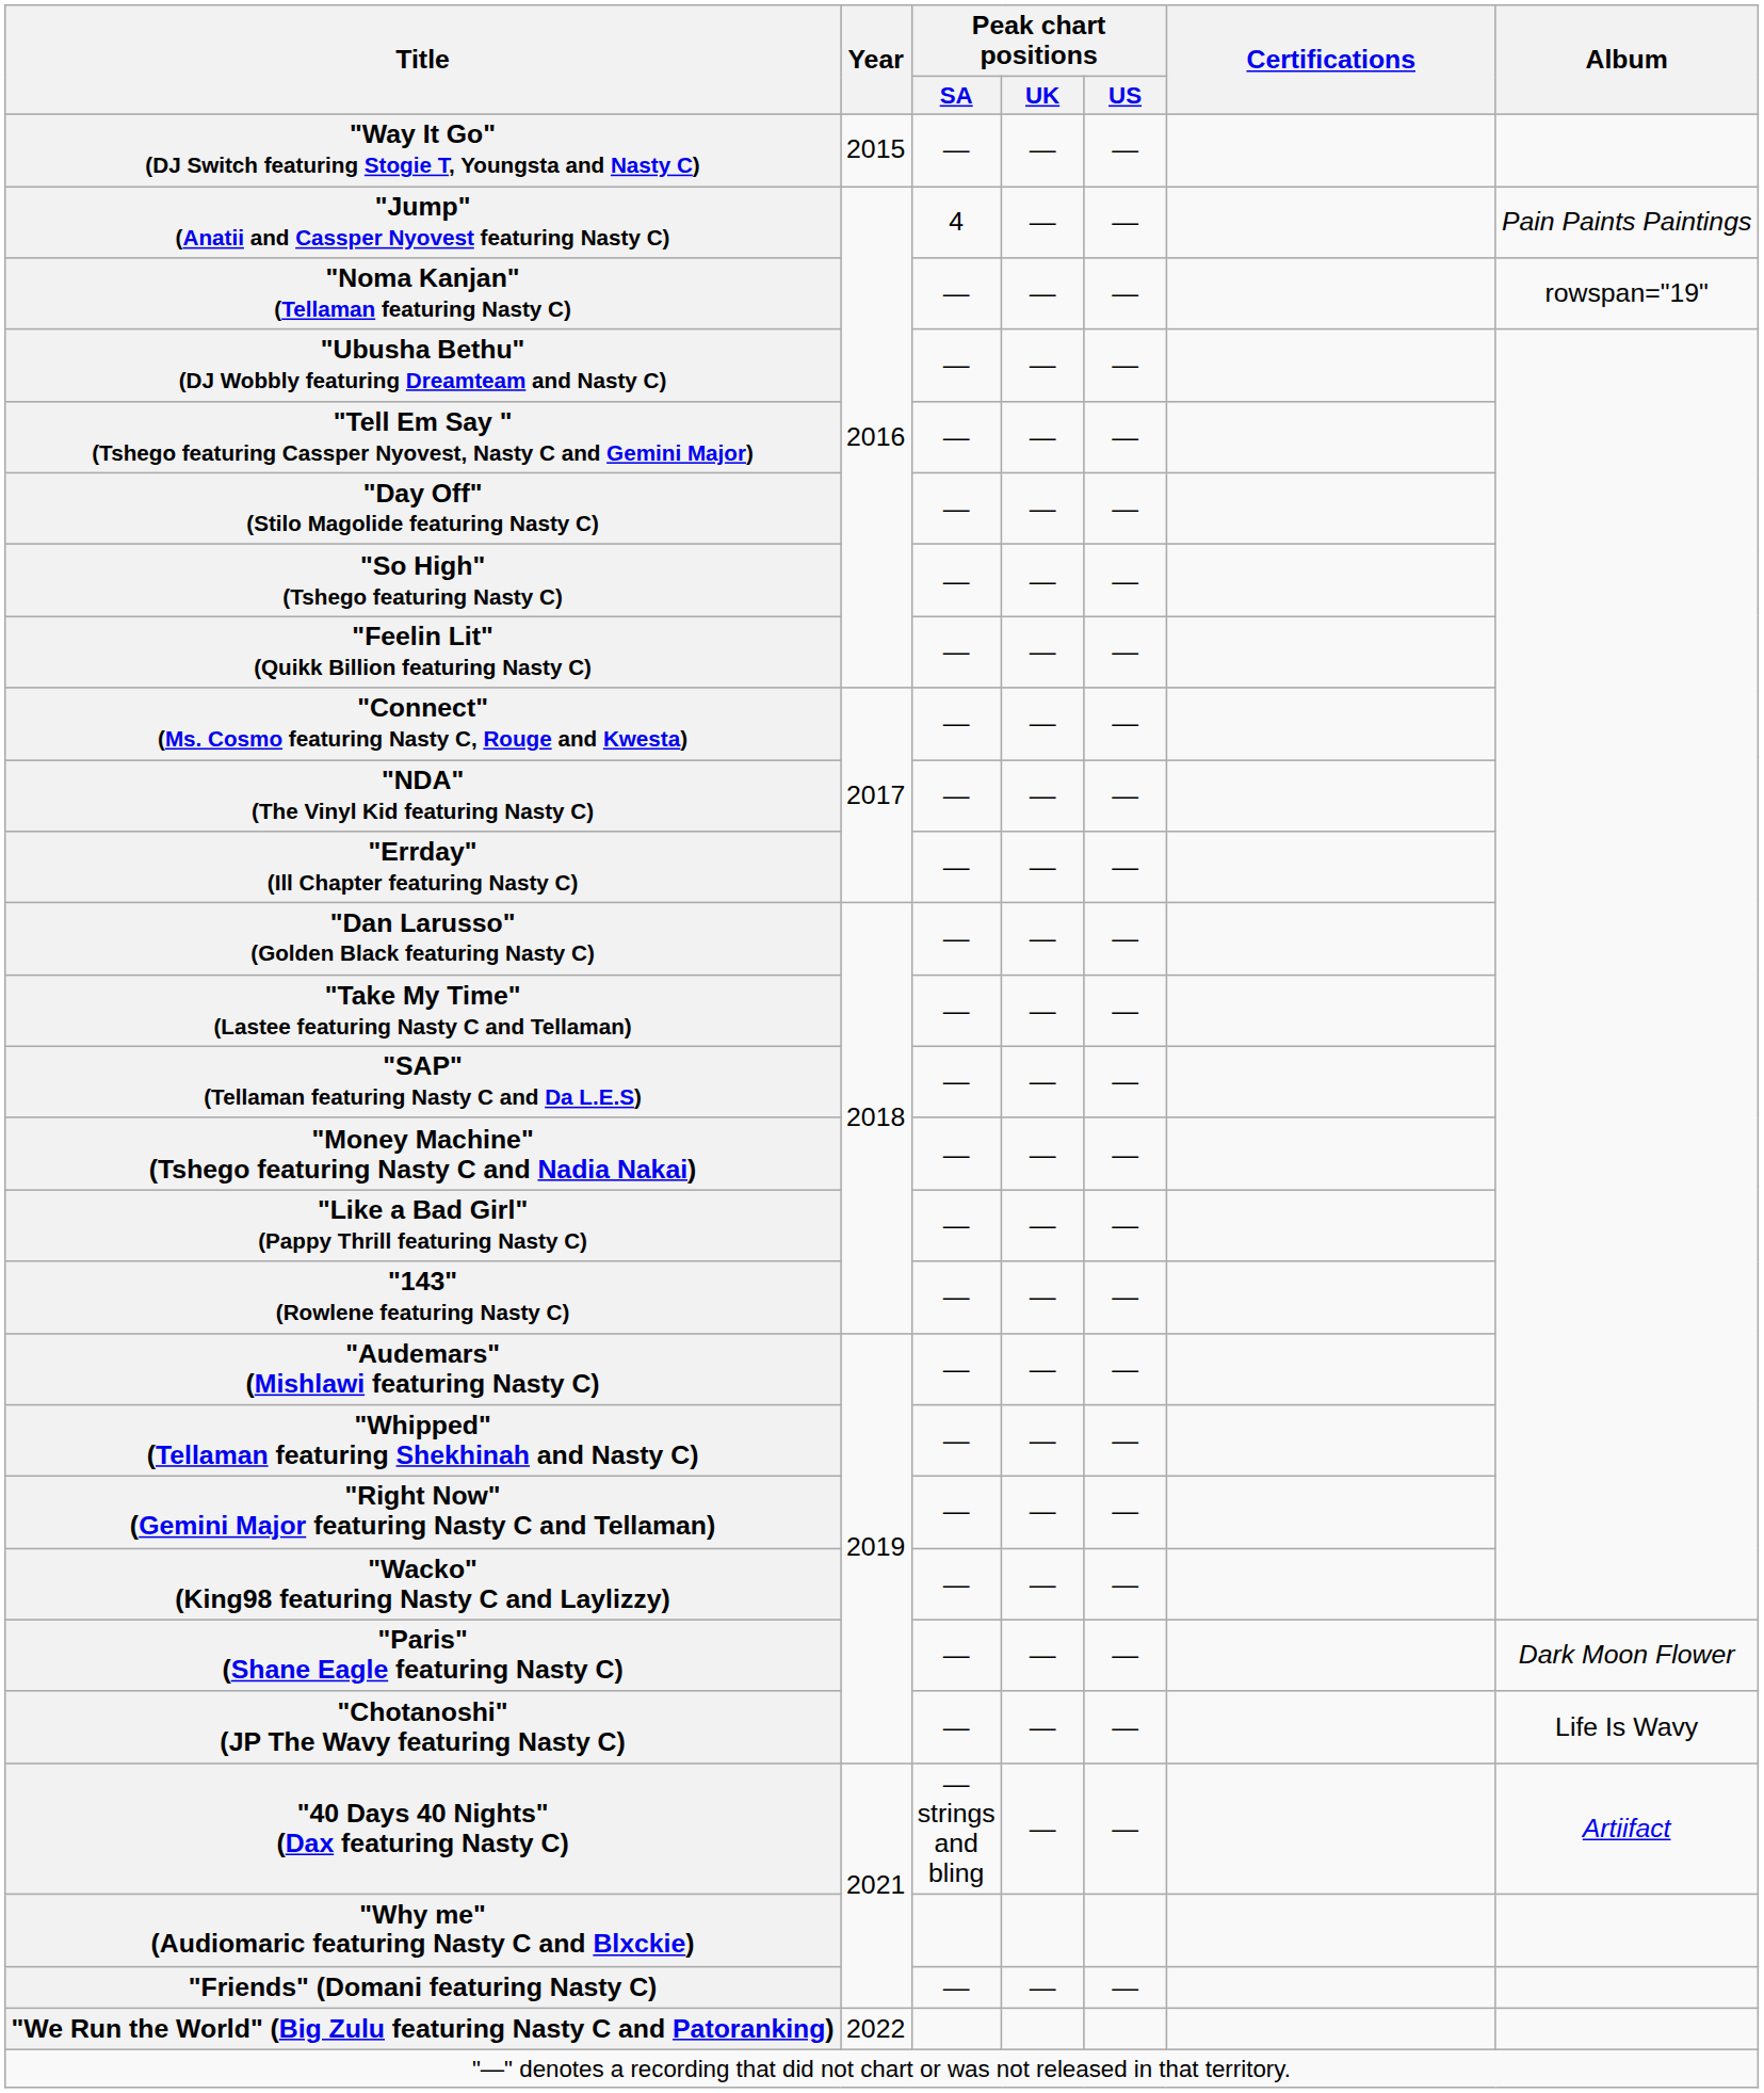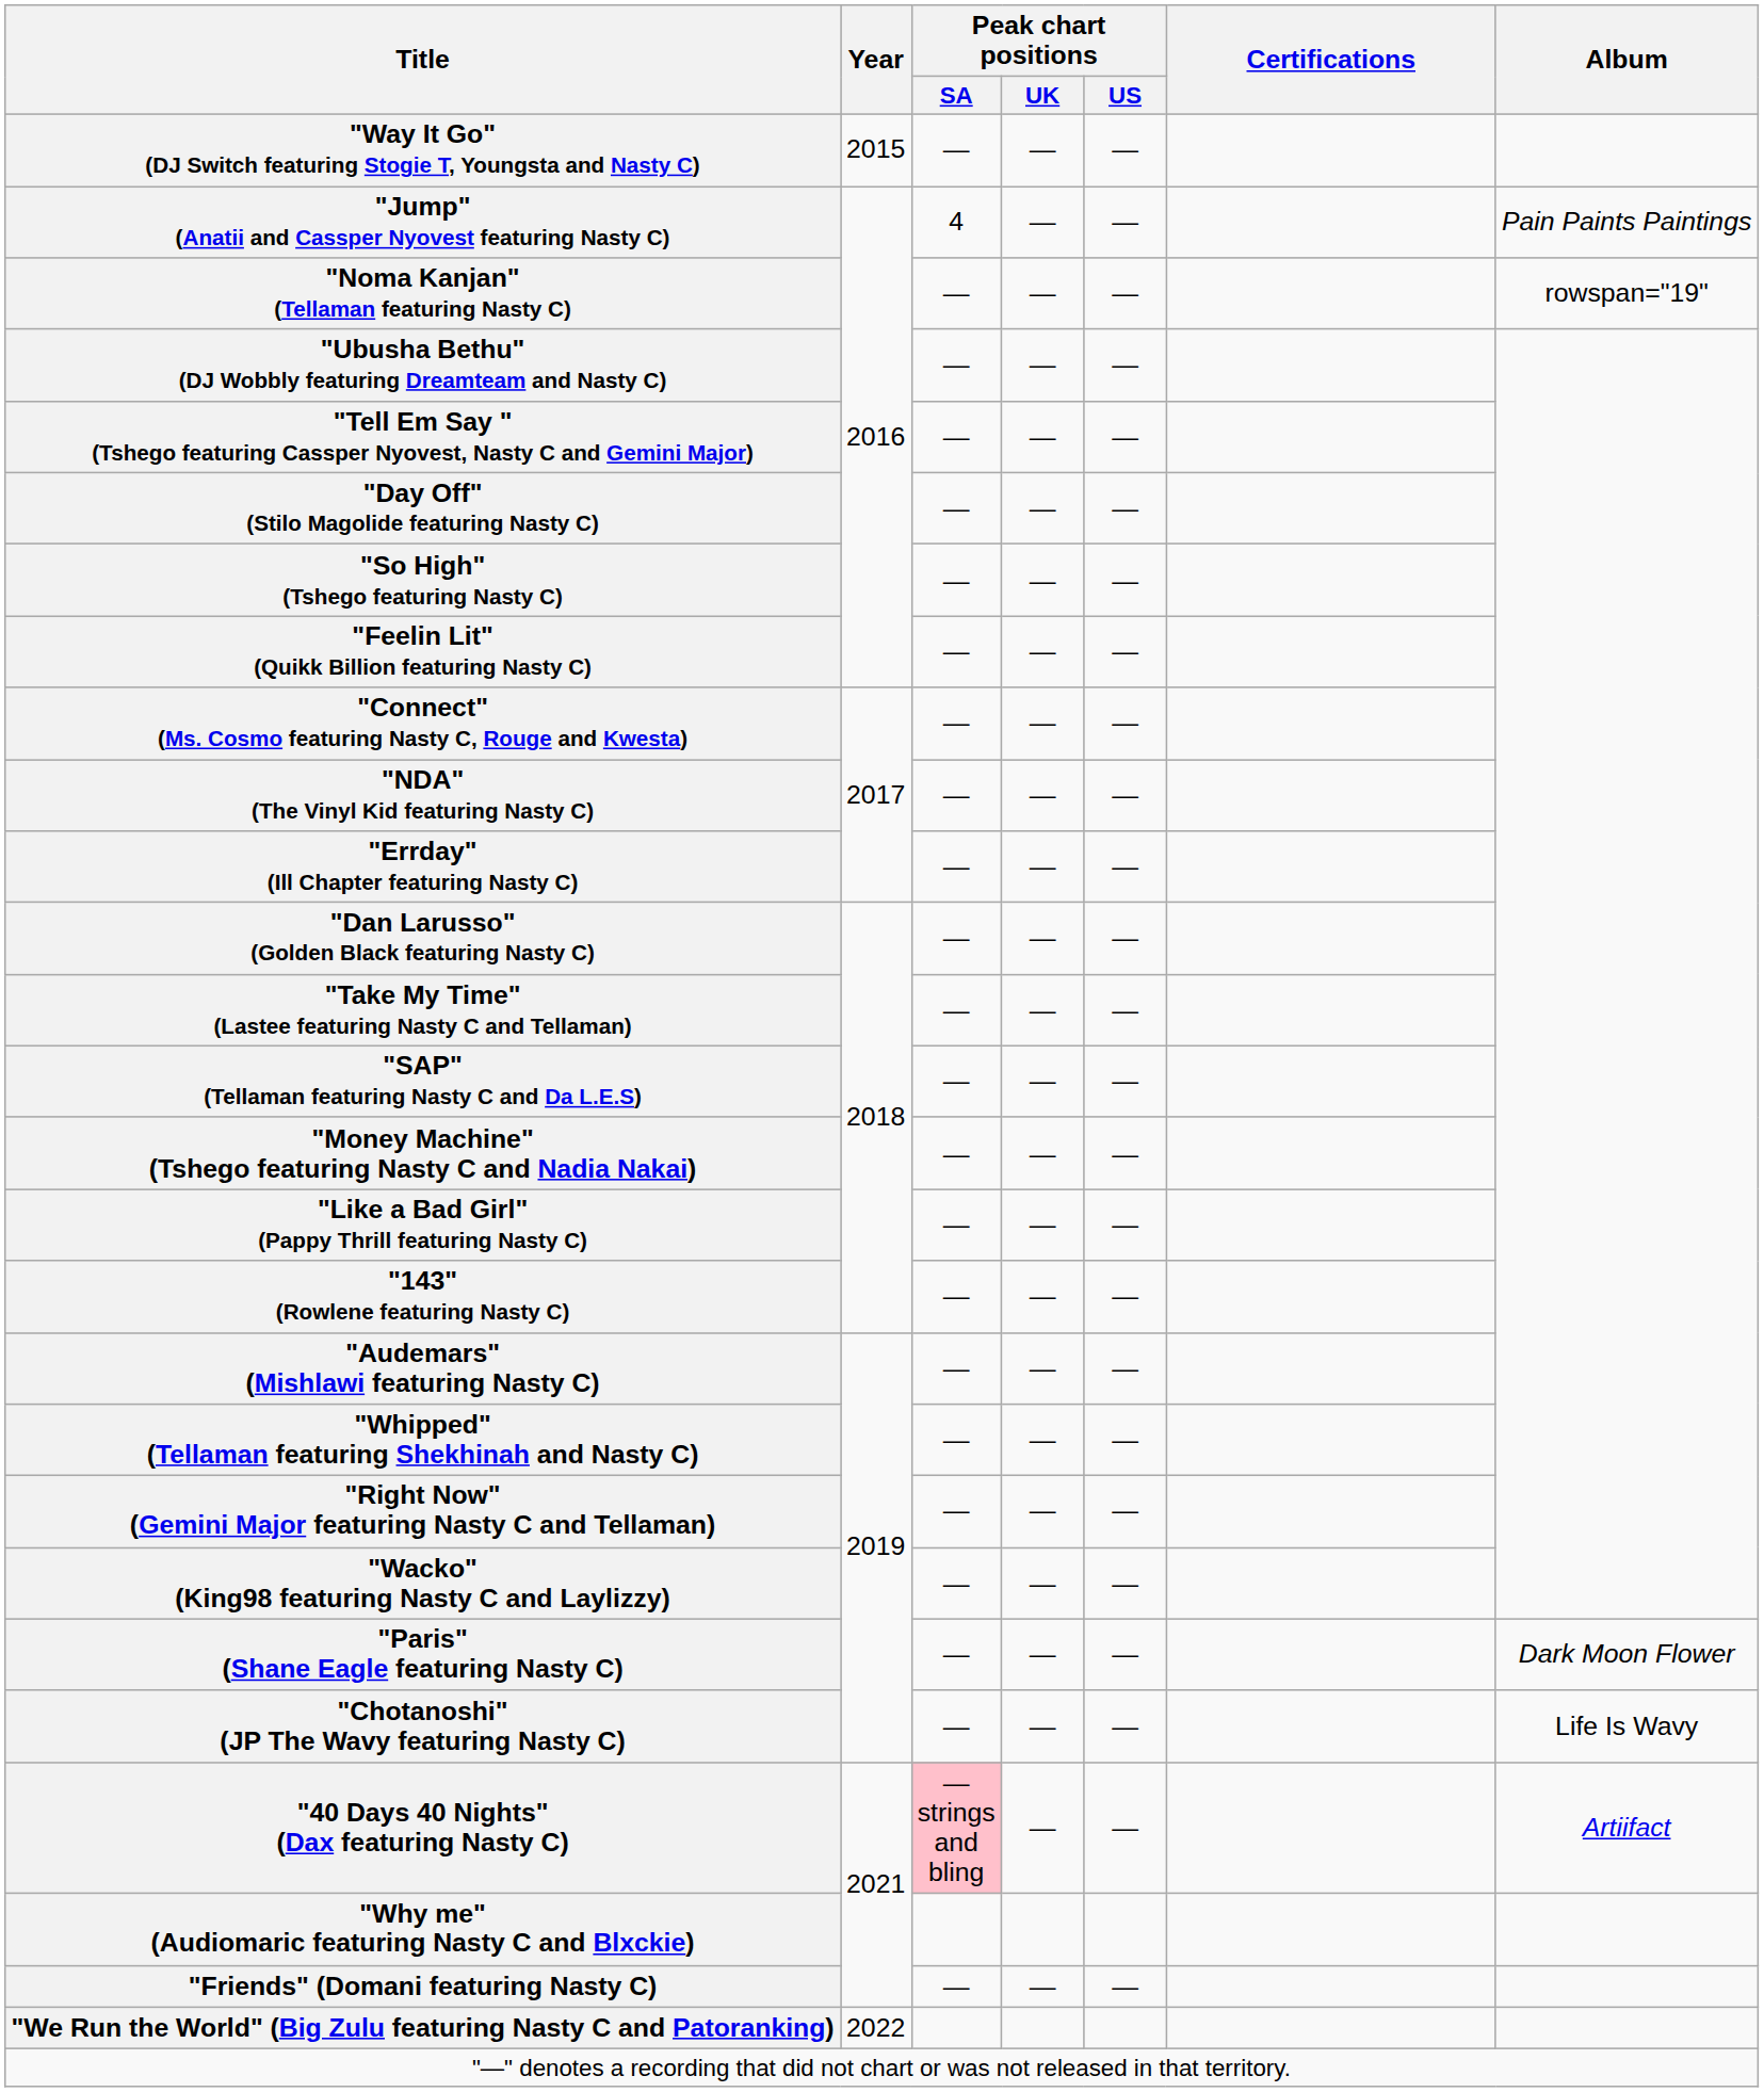 <table class="wikitable plainrowheaders" style="text-align:center;">
 <tr>
 <th scope="col" rowspan="2">Title</th>
 <th scope="col" rowspan="2">Year</th>
 <th scope="col" colspan="3">Peak chart positions</th>
 <th scope="col" rowspan="2" style="width:12em;"><a href='#'>Certifications</a></th>
 <th scope="col" rowspan="2">Album</th>
 </tr>
 <tr>
 <th scope="col" style="width:3em;font-size:90%;"><a href='#'>SA</a><br></th>
 <th scope="col" style="width:3em;font-size:90%;"><a href='#'>UK</a><br></th>
 <th scope="col" style="width:3em;font-size:90%;"><a href='#'>US</a><br></th>
 </tr>
 <tr>
 <th scope="row">"Way It Go"<br><small>(DJ Switch featuring <a href='#'>Stogie T</a>, Youngsta and <a href='#'>Nasty C</a>)</small></th>
 <td>2015</td>
 <td>—</td>
 <td>—</td>
 <td>—</td>
 <td></td>
 <td></td>
 </tr>
 <tr>
 <th scope="row">"Jump"<br><small>(<a href='#'>Anatii</a> and <a href='#'>Cassper Nyovest</a> featuring Nasty C)</small></th>
 <td rowspan="7">2016</td>
 <td>4</td>
 <td>—</td>
 <td>—</td>
 <td></td>
 <td><em>Pain Paints Paintings</em></td>
 </tr>
 <tr>
 <th scope="row">"Noma Kanjan"<br><small>(<a href='#'>Tellaman</a> featuring Nasty C)</small></th>
 <td>—</td>
 <td>—</td>
 <td>—</td>
 <td></td>
 <td>rowspan="19" </td>
 </tr>
 <tr>
 <th scope="row">"Ubusha Bethu"<br><small>(DJ Wobbly featuring <a href='#'>Dreamteam</a> and Nasty C)</small></th>
 <td>—</td>
 <td>—</td>
 <td>—</td>
 <td></td>
 </tr>
 <tr>
 <th scope="row">"Tell Em Say "<br><small>(Tshego featuring Cassper Nyovest, Nasty C and <a href='#'>Gemini Major</a>)</small></th>
 <td>—</td>
 <td>—</td>
 <td>—</td>
 <td></td>
 </tr>
 <tr>
 <th scope="row">"Day Off"<br><small>(Stilo Magolide featuring Nasty C)</small></th>
 <td>—</td>
 <td>—</td>
 <td>—</td>
 <td></td>
 </tr>
 <tr>
 <th scope="row">"So High"<br><small>(Tshego featuring Nasty C)</small></th>
 <td>—</td>
 <td>—</td>
 <td>—</td>
 <td></td>
 </tr>
 <tr>
 <th scope="row">"Feelin Lit"<br><small>(Quikk Billion featuring Nasty C)</small></th>
 <td>—</td>
 <td>—</td>
 <td>—</td>
 <td></td>
 </tr>
 <tr>
 <th scope="row">"Connect"<br><small>(<a href='#'>Ms. Cosmo</a> featuring Nasty C, <a href='#'>Rouge</a> and <a href='#'>Kwesta</a>)</small></th>
 <td rowspan="3">2017</td>
 <td>—</td>
 <td>—</td>
 <td>—</td>
 <td></td>
 </tr>
 <tr>
 <th scope="row">"NDA"<br><small>(The Vinyl Kid featuring Nasty C)</small></th>
 <td>—</td>
 <td>—</td>
 <td>—</td>
 <td></td>
 </tr>
 <tr>
 <th scope="row">"Errday"<br><small>(Ill Chapter featuring Nasty C)</small></th>
 <td>—</td>
 <td>—</td>
 <td>—</td>
 <td></td>
 </tr>
 <tr>
 <th scope="row">"Dan Larusso"<br><small>(Golden Black featuring Nasty C)</small></th>
 <td rowspan="6">2018</td>
 <td>—</td>
 <td>—</td>
 <td>—</td>
 <td></td>
 </tr>
 <tr>
 <th scope="row">"Take My Time"<br><small>(Lastee featuring Nasty C and Tellaman)</small></th>
 <td>—</td>
 <td>—</td>
 <td>—</td>
 <td></td>
 </tr>
 <tr>
 <th scope="row">"SAP"<br><small>(Tellaman featuring Nasty C and <a href='#'>Da L.E.S</a>)</small></th>
 <td>—</td>
 <td>—</td>
 <td>—</td>
 <td></td>
 </tr>
 <tr>
 <th scope="row">"Money Machine"<br>(Tshego featuring Nasty C and <a href='#'>Nadia Nakai</a>)</th>
 <td>—</td>
 <td>—</td>
 <td>—</td>
 <td></td>
 </tr>
 <tr>
 <th scope="row">"Like a Bad Girl"<br><small>(Pappy Thrill featuring Nasty C)</small></th>
 <td>—</td>
 <td>—</td>
 <td>—</td>
 <td></td>
 </tr>
 <tr>
 <th scope="row">"143"<br><small>(Rowlene featuring Nasty C)</small></th>
 <td>—</td>
 <td>—</td>
 <td>—</td>
 <td></td>
 </tr>
 <tr>
 <th scope="row">"Audemars"<br>(<a href='#'>Mishlawi</a> featuring Nasty C)</th>
 <td rowspan="6">2019</td>
 <td>—</td>
 <td>—</td>
 <td>—</td>
 <td></td>
 </tr>
 <tr>
 <th scope="row">"Whipped"<br>(<a href='#'>Tellaman</a> featuring <a href='#'>Shekhinah</a> and Nasty C)</th>
 <td>—</td>
 <td>—</td>
 <td>—</td>
 <td></td>
 </tr>
 <tr>
 <th scope="row">"Right Now"<br>(<a href='#'>Gemini Major</a> featuring Nasty C and Tellaman)</th>
 <td>—</td>
 <td>—</td>
 <td>—</td>
 <td></td>
 </tr>
 <tr>
 <th scope="row">"Wacko"<br>(King98 featuring Nasty C and Laylizzy)</th>
 <td>—</td>
 <td>—</td>
 <td>—</td>
 <td></td>
 </tr>
 <tr>
 <th scope="row">"Paris"<br>(<a href='#'>Shane Eagle</a> featuring Nasty C)</th>
 <td>—</td>
 <td>—</td>
 <td>—</td>
 <td></td>
 <td><em>Dark Moon Flower</em></td>
 </tr>
 <tr>
 <th scope="row">"Chotanoshi"<br>(JP The Wavy featuring Nasty C)</th>
 <td>—</td>
 <td>—</td>
 <td>—</td>
 <td></td>
 <td>Life Is Wavy</td>
 </tr>
 <tr>
 <th scope="row">"40 Days 40 Nights"<br>(<a href='#'>Dax</a> featuring Nasty C)</th>
 <td rowspan="3">2021</td>
-<td>—strings and bling</td>
+<td style="background: pink;">—strings and bling</td>
 <td>—</td>
 <td>—</td>
 <td></td>
 <td><em><a href='#'>Artiifact</a></em></td>
 </tr>
 <tr>
 <th scope="row">"Why me"<br>(Audiomaric featuring Nasty  C and <a href='#'>Blxckie</a>)</th>
 <td></td>
 <td></td>
 <td></td>
 <td></td>
 <td></td>
 </tr>
 <tr>
 <th scope="row">"Friends" (Domani featuring Nasty C)</th>
 <td>—</td>
 <td>—</td>
 <td>—</td>
 <td></td>
 <td></td>
 </tr>
 <tr>
 <th scope="row">"We Run the World" (<a href='#'>Big Zulu</a> featuring Nasty C and <a href='#'>Patoranking</a>)</th>
 <td>2022</td>
 <td></td>
 <td></td>
 <td></td>
 <td></td>
 <td></td>
 </tr>
 <tr>
 <td colspan="7" style="font-size:90%">"—" denotes a recording that did not chart or was not released in that territory.</td>
 </tr>
 </table>
